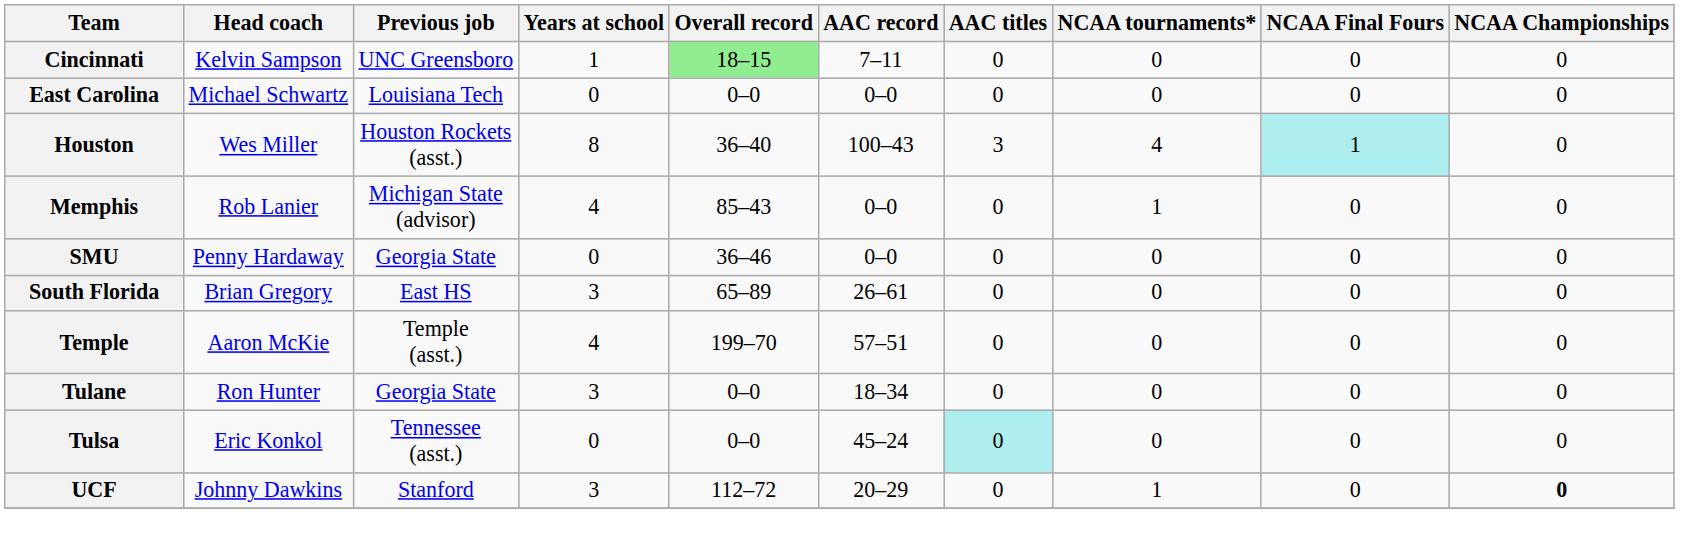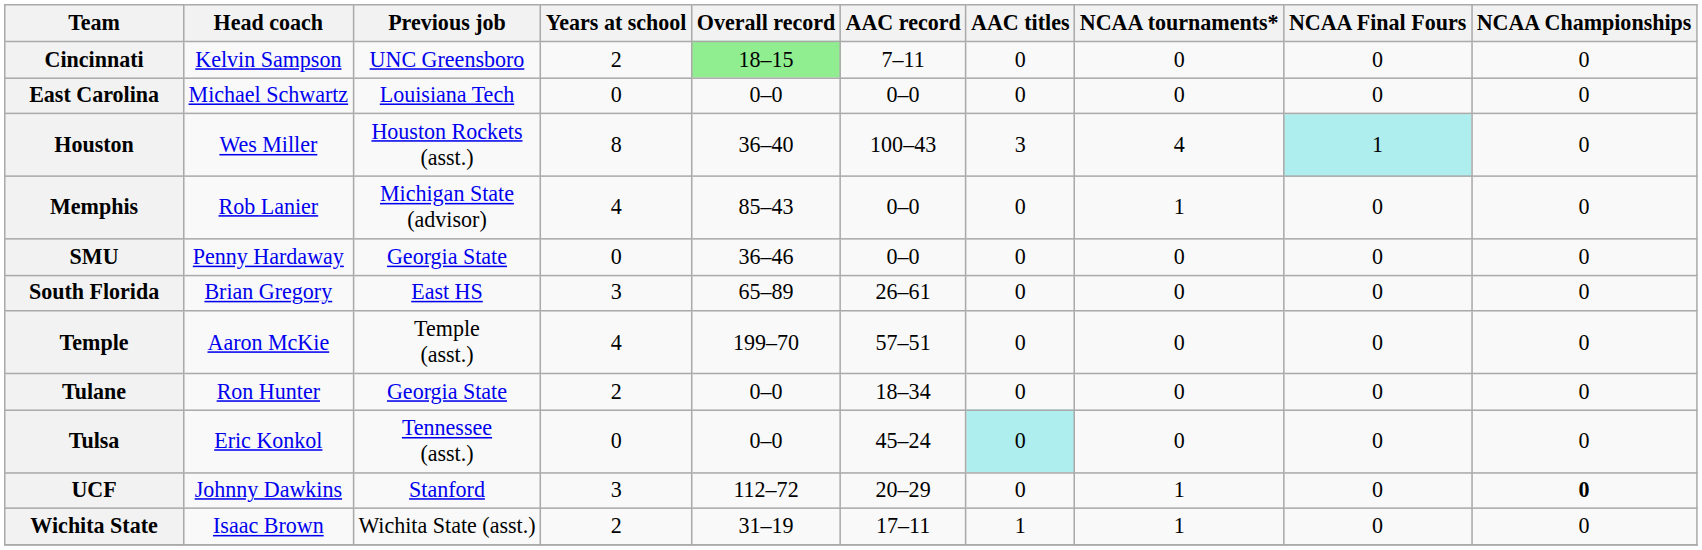 <table class="wikitable sortable" style="text-align: center;font-size:90%;">
 <tr>
 <th width="110">Team</th>
 <th>Head coach</th>
 <th>Previous job</th>
 <th>Years at school</th>
 <th>Overall record</th>
 <th>AAC record</th>
 <th>AAC titles</th>
 <th>NCAA tournaments*</th>
 <th>NCAA Final Fours</th>
 <th>NCAA Championships</th>
 </tr>
 <tr>
 <th style=>Cincinnati</th>
 <td><a href='#'>Kelvin Sampson</a></td>
 <td><a href='#'>UNC Greensboro</a></td>
-<td>1</td>
+<td>2</td>
 <td style="background: lightgreen;">18–15</td>
 <td>7–11</td>
 <td>0</td>
 <td>0</td>
 <td>0</td>
 <td>0</td>
 </tr>
 <tr>
 <th style=>East Carolina</th>
 <td><a href='#'>Michael Schwartz</a></td>
 <td><a href='#'>Louisiana Tech</a></td>
 <td>0</td>
 <td>0–0</td>
 <td>0–0</td>
 <td>0</td>
 <td>0</td>
 <td>0</td>
 <td>0</td>
 </tr>
 <tr>
 <th>Houston</th>
 <td><a href='#'>Wes Miller</a></td>
 <td><a href='#'>Houston Rockets</a><br>(asst.)</td>
 <td>8</td>
 <td>36–40</td>
 <td>100–43</td>
 <td>3</td>
 <td>4</td>
 <td style="background: paleturquoise;">1</td>
 <td>0</td>
 </tr>
 <tr>
 <th style=>Memphis</th>
 <td><a href='#'>Rob Lanier</a></td>
 <td><a href='#'>Michigan State</a><br>(advisor)</td>
 <td>4</td>
 <td>85–43</td>
 <td>0–0</td>
 <td>0</td>
 <td>1</td>
 <td>0</td>
 <td>0</td>
 </tr>
 <tr>
 <th style=>SMU</th>
 <td><a href='#'>Penny Hardaway</a></td>
 <td><a href='#'>Georgia State</a></td>
 <td>0</td>
 <td>36–46</td>
 <td>0–0</td>
 <td>0</td>
 <td>0</td>
 <td>0</td>
 <td>0</td>
 </tr>
 <tr>
 <th style=>South Florida</th>
 <td><a href='#'>Brian Gregory</a></td>
 <td><a href='#'>East HS</a></td>
 <td>3</td>
 <td>65–89</td>
 <td>26–61</td>
 <td>0</td>
 <td>0</td>
 <td>0</td>
 <td>0</td>
 </tr>
 <tr>
 <th style=>Temple</th>
 <td><a href='#'>Aaron McKie</a></td>
 <td>Temple<br>(asst.)</td>
 <td>4</td>
 <td>199–70</td>
 <td>57–51</td>
 <td>0</td>
 <td>0</td>
 <td>0</td>
 <td>0</td>
 </tr>
 <tr>
 <th style=>Tulane</th>
 <td><a href='#'>Ron Hunter</a></td>
 <td><a href='#'>Georgia State</a></td>
-<td>3</td>
+<td>2</td>
 <td>0–0</td>
 <td>18–34</td>
 <td>0</td>
 <td>0</td>
 <td>0</td>
 <td>0</td>
 </tr>
 <tr>
 <th style=>Tulsa</th>
 <td><a href='#'>Eric Konkol</a></td>
 <td><a href='#'>Tennessee</a><br>(asst.)</td>
 <td>0</td>
 <td>0–0</td>
 <td>45–24</td>
 <td style="background: paleturquoise;">0</td>
 <td>0</td>
 <td>0</td>
 <td>0</td>
 </tr>
 <tr>
 <th style=>UCF</th>
 <td><a href='#'>Johnny Dawkins</a></td>
 <td><a href='#'>Stanford</a></td>
 <td>3</td>
 <td>112–72</td>
 <td>20–29</td>
 <td>0</td>
 <td>1</td>
 <td>0</td>
 <td><strong>0</strong></td>
 </tr>
 <tr>
+<th style=>Wichita State</th>
+<td><a href='#'>Isaac Brown</a></td>
+<td>Wichita State (asst.)</td>
+<td>2</td>
+<td>31–19</td>
+<td>17–11</td>
+<td>1</td>
+<td>1</td>
+<td>0</td>
+<td>0</td>
+</tr>
+<tr>
 </tr>
 </table>
